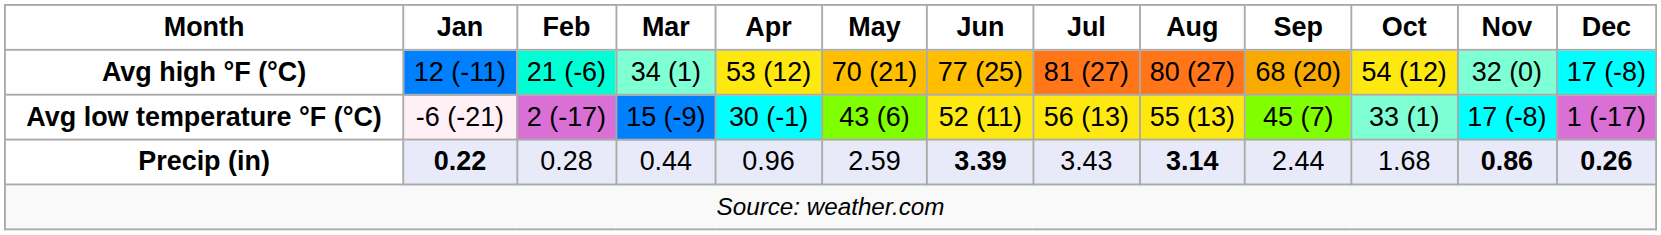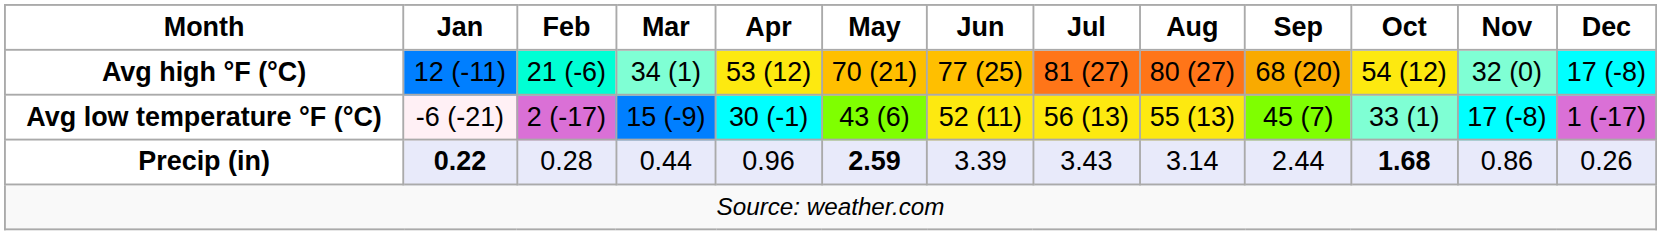 <table class="wikitable" style="font-size:90%;width:100%;border:0px;text-align:center;line-height:120%;">
 <tr>
 <th style="background: #FFFFFF; color: #000000" height="17">Month</th>
 <th style="background: #FFFFFF; color:#000000;">Jan</th>
 <th style="background: #FFFFFF; color:#000000;">Feb</th>
 <th style="background: #FFFFFF; color:#000000;">Mar</th>
 <th style="background: #FFFFFF; color:#000000;">Apr</th>
 <th style="background: #FFFFFF; color:#000000;">May</th>
 <th style="background: #FFFFFF; color:#000000;">Jun</th>
 <th style="background: #FFFFFF; color:#000000;">Jul</th>
 <th style="background: #FFFFFF; color:#000000;">Aug</th>
 <th style="background: #FFFFFF; color:#000000;">Sep</th>
 <th style="background: #FFFFFF; color:#000000;">Oct</th>
 <th style="background: #FFFFFF; color:#000000;">Nov</th>
 <th style="background: #FFFFFF; color:#000000;">Dec</th>
 </tr>
 <tr>
 <th style="background: #FFFFFF; color:#000000;">Avg high °F (°C)</th>
 <td style="background: #007FFF; color:#000000;">12 (-11)</td>
 <td style="background: #00FFD4; color:#000000;">21 (-6)</td>
 <td style="background: #7FFFD4; color:#000000;">34 (1)</td>
 <td style="background: #FDE910; color:#000000;">53 (12)</td>
 <td style="background: #FFBF00; color:#000000;">70 (21)</td>
 <td style="background: #FFBF00; color:#000000;">77 (25)</td>
 <td style="background: #FF7518; color:#000000;">81 (27)</td>
 <td style="background: #FF7518; color:#000000;">80 (27)</td>
 <td style="background: #F9AA00; color:#000000;">68 (20)</td>
 <td style="background: #FDE910; color:#000000;">54 (12)</td>
 <td style="background: #7FFFD4; color:#000000;">32 (0)</td>
 <td style="background: #00FFFF; color:#000000;">17 (-8)</td>
 </tr>
 <tr>
 <th style="background: #FFFFFF; color:#000000;" height="16;">Avg low temperature °F (°C)</th>
 <td style="background: #FFF0F5; color: black;">-6 (-21)</td>
 <td style="background: #DA70D6; color: black;">2 (-17)</td>
 <td style="background: #007FFF; color: black;">15 (-9)</td>
 <td style="background: #00FFFF; color: black;">30 (-1)</td>
 <td style="background: #7FFF00; color: black;">43 (6)</td>
 <td style="background: #FDE910; color: black;">52 (11)</td>
 <td style="background: #FDE910; color: black;">56 (13)</td>
 <td style="background: #FDE910; color: black;">55 (13)</td>
 <td style="background: #7FFF00; color: black;">45 (7)</td>
 <td style="background: #7FFFD4; color: black;">33 (1)</td>
 <td style="background: #00FFFF; color: black;">17 (-8)</td>
 <td style="background: #DA70D6; color: black;">1 (-17)</td>
 </tr>
 <tr>
 <th style="background: #FFFFFF; color:#000000;" height="16;">Precip (in)</th>
 <td style="text-align:center; background: #E8EAFA; color:#000000;"><strong>0.22</strong></td>
 <td style="text-align:center; background: #E8EAFA; color:#000000;">0.28</td>
 <td style="text-align:center; background: #E8EAFA; color:#000000;">0.44</td>
 <td style="text-align:center; background: #E8EAFA; color:#000000;">0.96</td>
-<td style="text-align:center; background: #E8EAFA; color:#000000;">2.59</td>
-<td style="text-align:center; background: #E8EAFA; color:#000000;"><strong>3.39</strong></td>
+<td style="text-align:center; background: #E8EAFA; color:#000000;"><strong>2.59</strong></td>
+<td style="text-align:center; background: #E8EAFA; color:#000000;">3.39</td>
 <td style="text-align:center; background: #E8EAFA; color:#000000;">3.43</td>
-<td style="text-align:center; background: #E8EAFA; color:#000000;"><strong>3.14</strong></td>
+<td style="text-align:center; background: #E8EAFA; color:#000000;">3.14</td>
 <td style="text-align:center; background: #E8EAFA; color:#000000;">2.44</td>
-<td style="text-align:center; background: #E8EAFA; color:#000000;">1.68</td>
-<td style="text-align:center; background: #E8EAFA; color:#000000;"><strong>0.86</strong></td>
-<td style="text-align:center; background: #E8EAFA; color:#000000;"><strong>0.26</strong></td>
+<td style="text-align:center; background: #E8EAFA; color:#000000;"><strong>1.68</strong></td>
+<td style="text-align:center; background: #E8EAFA; color:#000000;">0.86</td>
+<td style="text-align:center; background: #E8EAFA; color:#000000;">0.26</td>
 </tr>
 <tr>
 <td colspan="13" style="text-align:center;font-size:90%;"><em>Source: weather.com  </em></td>
 </tr>
 </table>
